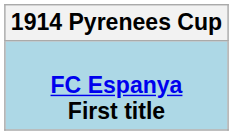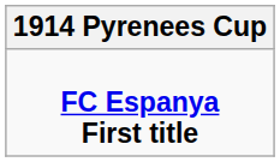 <table class=wikitable style="text-align: center; margin: 0 auto;">
 <tr>
 <th>1914 Pyrenees Cup</th>
 </tr>
 <tr>
-<td style="background: lightblue;"><br><strong><a href='#'>FC Espanya</a></strong><br><strong>First title</strong></td>
+<td><br><strong><a href='#'>FC Espanya</a></strong><br><strong>First title</strong></td>
 </tr>
 </table>
